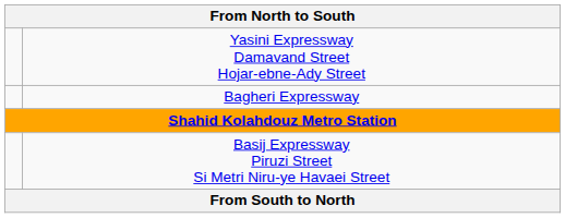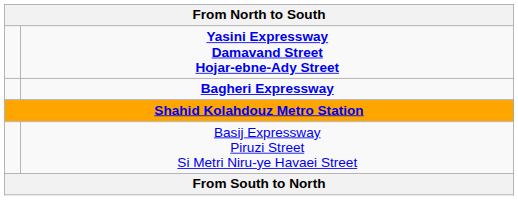 <table class="wikitable" style="text-align:center" width="600px">
 <tr>
 <th text-align="center" colspan="3"> From North to South </th>
 </tr>
 <tr>
 <td><br></td>
-<td> <a href='#'>Yasini Expressway</a><br> <a href='#'>Damavand Street</a><br> <a href='#'>Hojar-ebne-Ady Street</a></td>
+<td><strong> <a href='#'>Yasini Expressway</a><br> <a href='#'>Damavand Street</a><br> <a href='#'>Hojar-ebne-Ady Street</a></strong></td>
 </tr>
 <tr>
 <td></td>
-<td> <a href='#'>Bagheri Expressway</a></td>
+<td><strong> <a href='#'>Bagheri Expressway</a></strong></td>
 </tr>
 <tr>
 <td text-align="center" colspan="3" style="background: orange; color: white;"><strong><a href='#'>Shahid Kolahdouz Metro Station</a></strong></td>
 </tr>
 <tr>
 <td><br></td>
 <td> <a href='#'>Basij Expressway</a><br> <a href='#'>Piruzi Street</a><br> <a href='#'>Si Metri Niru-ye Havaei Street</a></td>
 </tr>
 <tr>
 <th text-align="center" colspan="3"> From South to North </th>
 </tr>
 </table>
